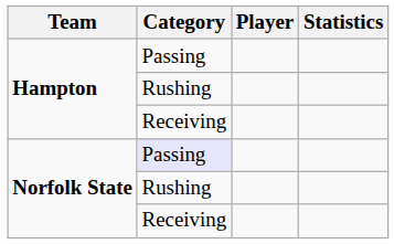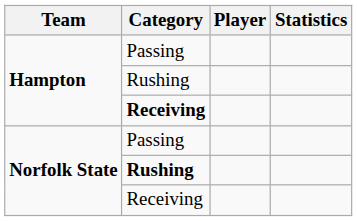 <table class="wikitable" style="float: right;">
 <tr>
 <th>Team</th>
 <th>Category</th>
 <th>Player</th>
 <th>Statistics</th>
 </tr>
 <tr>
 <td rowspan=3><strong>Hampton</strong></td>
 <td>Passing</td>
 <td></td>
 <td></td>
 </tr>
 <tr>
 <td>Rushing</td>
 <td></td>
 <td></td>
 </tr>
 <tr>
-<td>Receiving</td>
+<td><strong>Receiving</strong></td>
 <td></td>
 <td></td>
 </tr>
 <tr>
 <td rowspan=3><strong>Norfolk State</strong></td>
-<td style="background: lavender;">Passing</td>
+<td>Passing</td>
 <td></td>
 <td></td>
 </tr>
 <tr>
-<td>Rushing</td>
+<td><strong>Rushing</strong></td>
 <td></td>
 <td></td>
 </tr>
 <tr>
 <td>Receiving</td>
 <td></td>
 <td></td>
 </tr>
 </table>
